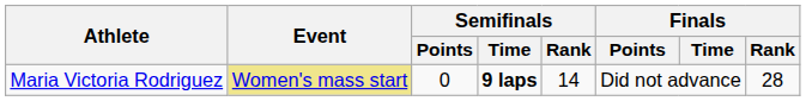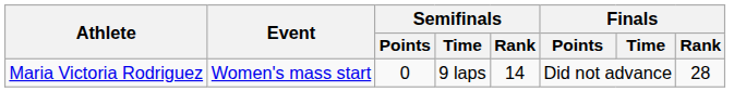 <table class="wikitable" style="font-size:90%;text-align:center;">
 <tr>
 <th rowspan=2>Athlete</th>
 <th rowspan=2>Event</th>
 <th colspan=3>Semifinals</th>
 <th colspan=3>Finals</th>
 </tr>
 <tr style="font-size:95%">
 <th>Points</th>
 <th>Time</th>
 <th>Rank</th>
 <th>Points</th>
 <th>Time</th>
 <th>Rank</th>
 </tr>
 <tr>
 <td align=left><a href='#'>Maria Victoria Rodriguez</a></td>
-<td align=left style="background: khaki;"><a href='#'>Women's mass start</a></td>
+<td align=left><a href='#'>Women's mass start</a></td>
 <td>0</td>
-<td><strong>9 laps</strong></td>
+<td>9 laps</td>
 <td>14</td>
 <td colspan=2>Did not advance</td>
 <td>28</td>
 </tr>
 </table>
